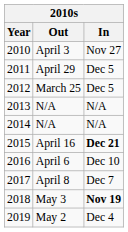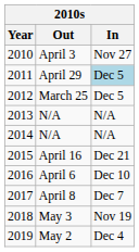 <table class="wikitable">
 <tr>
 <th colspan="3">2010s</th>
 </tr>
 <tr>
 <th>Year</th>
 <th>Out</th>
 <th>In</th>
 </tr>
 <tr>
 <td>2010</td>
 <td>April 3</td>
 <td>Nov 27</td>
 </tr>
 <tr>
 <td>2011</td>
 <td>April 29</td>
-<td>Dec 5</td>
+<td style="background: lightblue;">Dec 5</td>
 </tr>
 <tr>
 <td>2012</td>
 <td>March 25</td>
 <td>Dec 5</td>
 </tr>
 <tr>
 <td>2013</td>
 <td>N/A</td>
 <td>N/A</td>
 </tr>
 <tr>
 <td>2014</td>
 <td>N/A</td>
 <td>N/A</td>
 </tr>
 <tr>
 <td>2015</td>
 <td>April 16</td>
-<td><strong>Dec 21</strong></td>
+<td>Dec 21</td>
 </tr>
 <tr>
 <td>2016</td>
 <td>April 6</td>
 <td>Dec 10</td>
 </tr>
 <tr>
 <td>2017</td>
 <td>April 8</td>
 <td>Dec 7</td>
 </tr>
 <tr>
 <td>2018</td>
 <td>May 3</td>
-<td><strong>Nov 19</strong></td>
+<td>Nov 19</td>
 </tr>
 <tr>
 <td>2019</td>
 <td>May 2</td>
 <td>Dec 4</td>
 </tr>
 </table>
